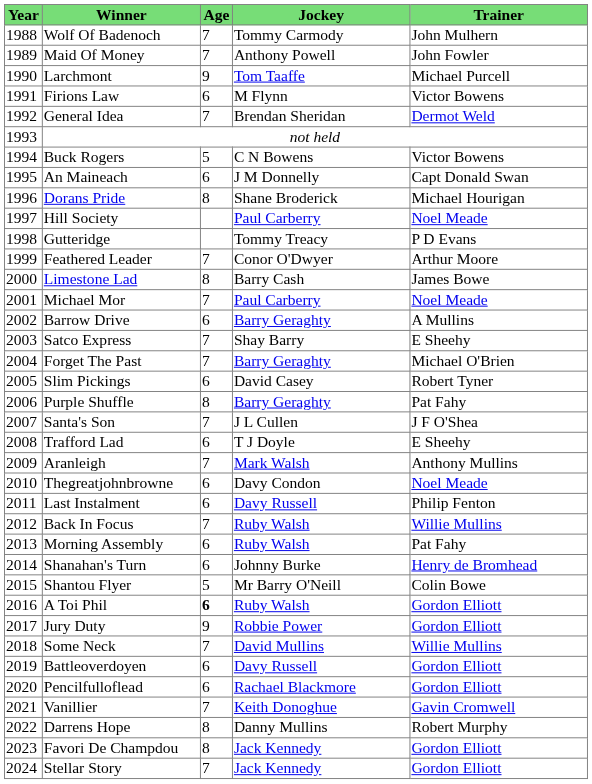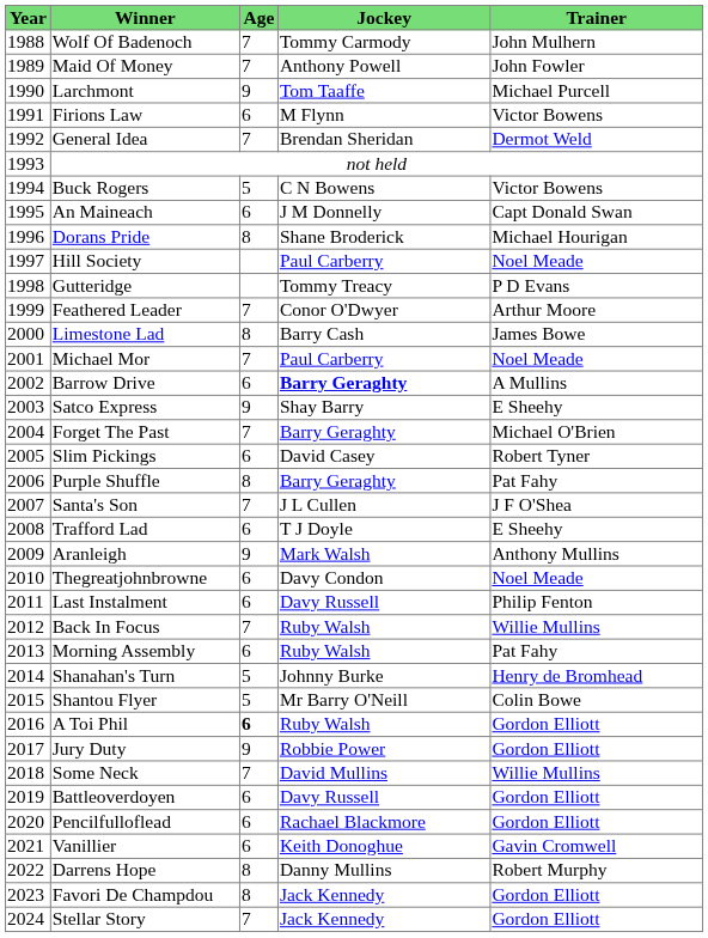 <table class = "sortable" | border="1" style="border-collapse: collapse">
 <tr bgcolor="#77dd77" align="center">
 <th style="width:36px"><strong>Year</strong></th>
 <th style="width:160px"><strong>Winner</strong></th>
 <th style="width:30px"><strong>Age</strong></th>
 <th style="width:180px"><strong>Jockey</strong></th>
 <th style="width:180px"><strong>Trainer</strong></th>
 </tr>
 <tr>
 <td>1988</td>
 <td>Wolf Of Badenoch</td>
 <td>7</td>
 <td>Tommy Carmody</td>
 <td>John Mulhern</td>
 </tr>
 <tr>
 <td>1989</td>
 <td>Maid Of Money</td>
 <td>7</td>
 <td>Anthony Powell</td>
 <td>John Fowler</td>
 </tr>
 <tr>
 <td>1990</td>
 <td>Larchmont</td>
 <td>9</td>
 <td><a href='#'>Tom Taaffe</a></td>
 <td>Michael Purcell</td>
 </tr>
 <tr>
 <td>1991</td>
 <td>Firions Law</td>
 <td>6</td>
 <td>M Flynn</td>
 <td>Victor Bowens</td>
 </tr>
 <tr>
 <td>1992</td>
 <td>General Idea</td>
 <td>7</td>
 <td>Brendan Sheridan</td>
 <td><a href='#'>Dermot Weld</a></td>
 </tr>
 <tr>
 <td>1993</td>
 <td colspan="4" align="center"><em>not held</em></td>
 </tr>
 <tr>
 <td>1994</td>
 <td>Buck Rogers</td>
 <td>5</td>
 <td>C N Bowens</td>
 <td>Victor Bowens</td>
 </tr>
 <tr>
 <td>1995</td>
 <td>An Maineach</td>
 <td>6</td>
 <td>J M Donnelly</td>
 <td>Capt Donald Swan</td>
 </tr>
 <tr>
 <td>1996</td>
 <td><a href='#'>Dorans Pride</a></td>
 <td>8</td>
 <td>Shane Broderick</td>
 <td>Michael Hourigan</td>
 </tr>
 <tr>
 <td>1997</td>
 <td>Hill Society</td>
 <td></td>
 <td><a href='#'>Paul Carberry</a></td>
 <td><a href='#'>Noel Meade</a></td>
 </tr>
 <tr>
 <td>1998</td>
 <td>Gutteridge</td>
 <td></td>
 <td>Tommy Treacy</td>
 <td>P D Evans</td>
 </tr>
 <tr>
 <td>1999</td>
 <td>Feathered Leader</td>
 <td>7</td>
 <td>Conor O'Dwyer</td>
 <td>Arthur Moore</td>
 </tr>
 <tr>
 <td>2000</td>
 <td><a href='#'>Limestone Lad</a></td>
 <td>8</td>
 <td>Barry Cash</td>
 <td>James Bowe</td>
 </tr>
 <tr>
 <td>2001</td>
 <td>Michael Mor</td>
 <td>7</td>
 <td><a href='#'>Paul Carberry</a></td>
 <td><a href='#'>Noel Meade</a></td>
 </tr>
 <tr>
 <td>2002</td>
 <td>Barrow Drive</td>
 <td>6</td>
-<td><a href='#'>Barry Geraghty</a></td>
+<td><strong><a href='#'>Barry Geraghty</a></strong></td>
 <td>A Mullins</td>
 </tr>
 <tr>
 <td>2003</td>
 <td>Satco Express</td>
-<td>7</td>
+<td>9</td>
 <td>Shay Barry</td>
 <td>E Sheehy</td>
 </tr>
 <tr>
 <td>2004</td>
 <td>Forget The Past</td>
 <td>7</td>
 <td><a href='#'>Barry Geraghty</a></td>
 <td>Michael O'Brien</td>
 </tr>
 <tr>
 <td>2005</td>
 <td>Slim Pickings</td>
 <td>6</td>
 <td>David Casey</td>
 <td>Robert Tyner</td>
 </tr>
 <tr>
 <td>2006</td>
 <td>Purple Shuffle</td>
 <td>8</td>
 <td><a href='#'>Barry Geraghty</a></td>
 <td>Pat Fahy</td>
 </tr>
 <tr>
 <td>2007</td>
 <td>Santa's Son</td>
 <td>7</td>
 <td>J L Cullen</td>
 <td>J F O'Shea</td>
 </tr>
 <tr>
 <td>2008</td>
 <td>Trafford Lad</td>
 <td>6</td>
 <td>T J Doyle</td>
 <td>E Sheehy</td>
 </tr>
 <tr>
 <td>2009</td>
 <td>Aranleigh</td>
-<td>7</td>
+<td>9</td>
 <td><a href='#'>Mark Walsh</a></td>
 <td>Anthony Mullins</td>
 </tr>
 <tr>
 <td>2010</td>
 <td>Thegreatjohnbrowne</td>
 <td>6</td>
 <td>Davy Condon</td>
 <td><a href='#'>Noel Meade</a></td>
 </tr>
 <tr>
 <td>2011</td>
 <td>Last Instalment</td>
 <td>6</td>
 <td><a href='#'>Davy Russell</a></td>
 <td>Philip Fenton</td>
 </tr>
 <tr>
 <td>2012</td>
 <td>Back In Focus</td>
 <td>7</td>
 <td><a href='#'>Ruby Walsh</a></td>
 <td><a href='#'>Willie Mullins</a></td>
 </tr>
 <tr>
 <td>2013</td>
 <td>Morning Assembly</td>
 <td>6</td>
 <td><a href='#'>Ruby Walsh</a></td>
 <td>Pat Fahy</td>
 </tr>
 <tr>
 <td>2014</td>
 <td>Shanahan's Turn</td>
-<td>6</td>
+<td>5</td>
 <td>Johnny Burke</td>
 <td><a href='#'>Henry de Bromhead</a></td>
 </tr>
 <tr>
 <td>2015</td>
 <td>Shantou Flyer</td>
 <td>5</td>
 <td>Mr Barry O'Neill</td>
 <td>Colin Bowe</td>
 </tr>
 <tr>
 <td>2016</td>
 <td>A Toi Phil</td>
 <td><strong>6</strong></td>
 <td><a href='#'>Ruby Walsh</a></td>
 <td><a href='#'>Gordon Elliott</a></td>
 </tr>
 <tr>
 <td>2017</td>
 <td>Jury Duty</td>
 <td>9</td>
 <td><a href='#'>Robbie Power</a></td>
 <td><a href='#'>Gordon Elliott</a></td>
 </tr>
 <tr>
 <td>2018</td>
 <td>Some Neck</td>
 <td>7</td>
 <td><a href='#'>David Mullins</a></td>
 <td><a href='#'>Willie Mullins</a></td>
 </tr>
 <tr>
 <td>2019</td>
 <td>Battleoverdoyen</td>
 <td>6</td>
 <td><a href='#'>Davy Russell</a></td>
 <td><a href='#'>Gordon Elliott</a></td>
 </tr>
 <tr>
 <td>2020</td>
 <td>Pencilfulloflead</td>
 <td>6</td>
 <td><a href='#'>Rachael Blackmore</a></td>
 <td><a href='#'>Gordon Elliott</a></td>
 </tr>
 <tr>
 <td>2021</td>
 <td>Vanillier</td>
-<td>7</td>
+<td>6</td>
 <td><a href='#'>Keith Donoghue</a></td>
 <td><a href='#'>Gavin Cromwell</a></td>
 </tr>
 <tr>
 <td>2022</td>
 <td>Darrens Hope</td>
 <td>8</td>
 <td>Danny Mullins</td>
 <td>Robert Murphy</td>
 </tr>
 <tr>
 <td>2023</td>
 <td>Favori De Champdou</td>
 <td>8</td>
 <td><a href='#'>Jack Kennedy</a></td>
 <td><a href='#'>Gordon Elliott</a></td>
 </tr>
 <tr>
 <td>2024</td>
 <td>Stellar Story</td>
 <td>7</td>
 <td><a href='#'>Jack Kennedy</a></td>
 <td><a href='#'>Gordon Elliott</a></td>
 </tr>
 </table>
